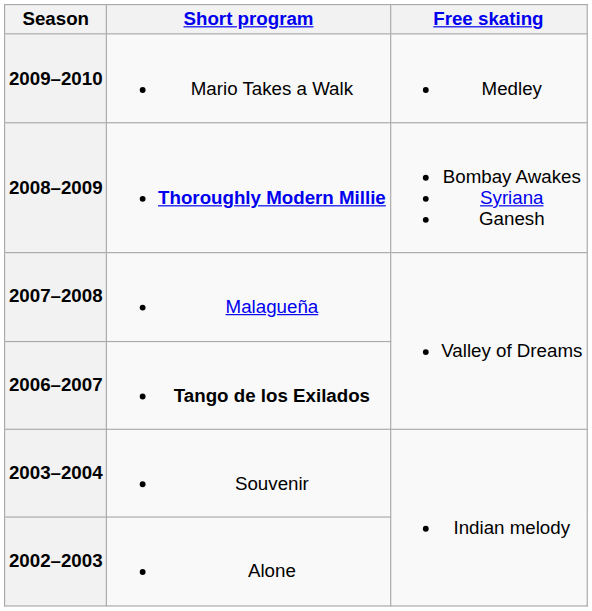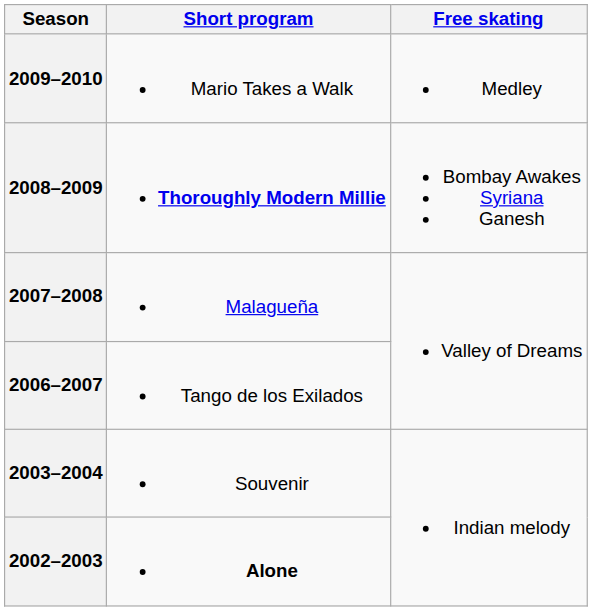 <table class=wikitable style=text-align:center>
 <tr>
 <th>Season</th>
 <th><a href='#'>Short program</a></th>
 <th><a href='#'>Free skating</a></th>
 </tr>
 <tr>
 <th>2009–2010 <br></th>
 <td><br><ul><li>Mario Takes a Walk <br></li></ul></td>
 <td><br><ul><li>Medley <br></li></ul></td>
 </tr>
 <tr>
 <th>2008–2009 <br></th>
 <td><strong><br><ul><li><a href='#'>Thoroughly Modern Millie</a> <br></li></ul></strong></td>
 <td><br><ul><li>Bombay Awakes <br></li><li><a href='#'>Syriana</a> <br></li><li>Ganesh <br></li></ul></td>
 </tr>
 <tr>
 <th>2007–2008 <br></th>
 <td><br><ul><li><a href='#'>Malagueña</a> <br></li></ul></td>
 <td rowspan=2><br><ul><li>Valley of Dreams <br></li></ul></td>
 </tr>
 <tr>
 <th>2006–2007 <br></th>
-<td><strong><br><ul><li>Tango de los Exilados <br></li></ul></strong></td>
+<td><br><ul><li>Tango de los Exilados <br></li></ul></td>
 </tr>
 <tr>
 <th>2003–2004 <br></th>
 <td><br><ul><li>Souvenir <br></li></ul></td>
 <td rowspan=2><br><ul><li>Indian melody <br></li></ul></td>
 </tr>
 <tr>
 <th>2002–2003 <br></th>
-<td><br><ul><li>Alone <br></li></ul></td>
+<td><strong><br><ul><li>Alone <br></li></ul></strong></td>
 </tr>
 </table>
